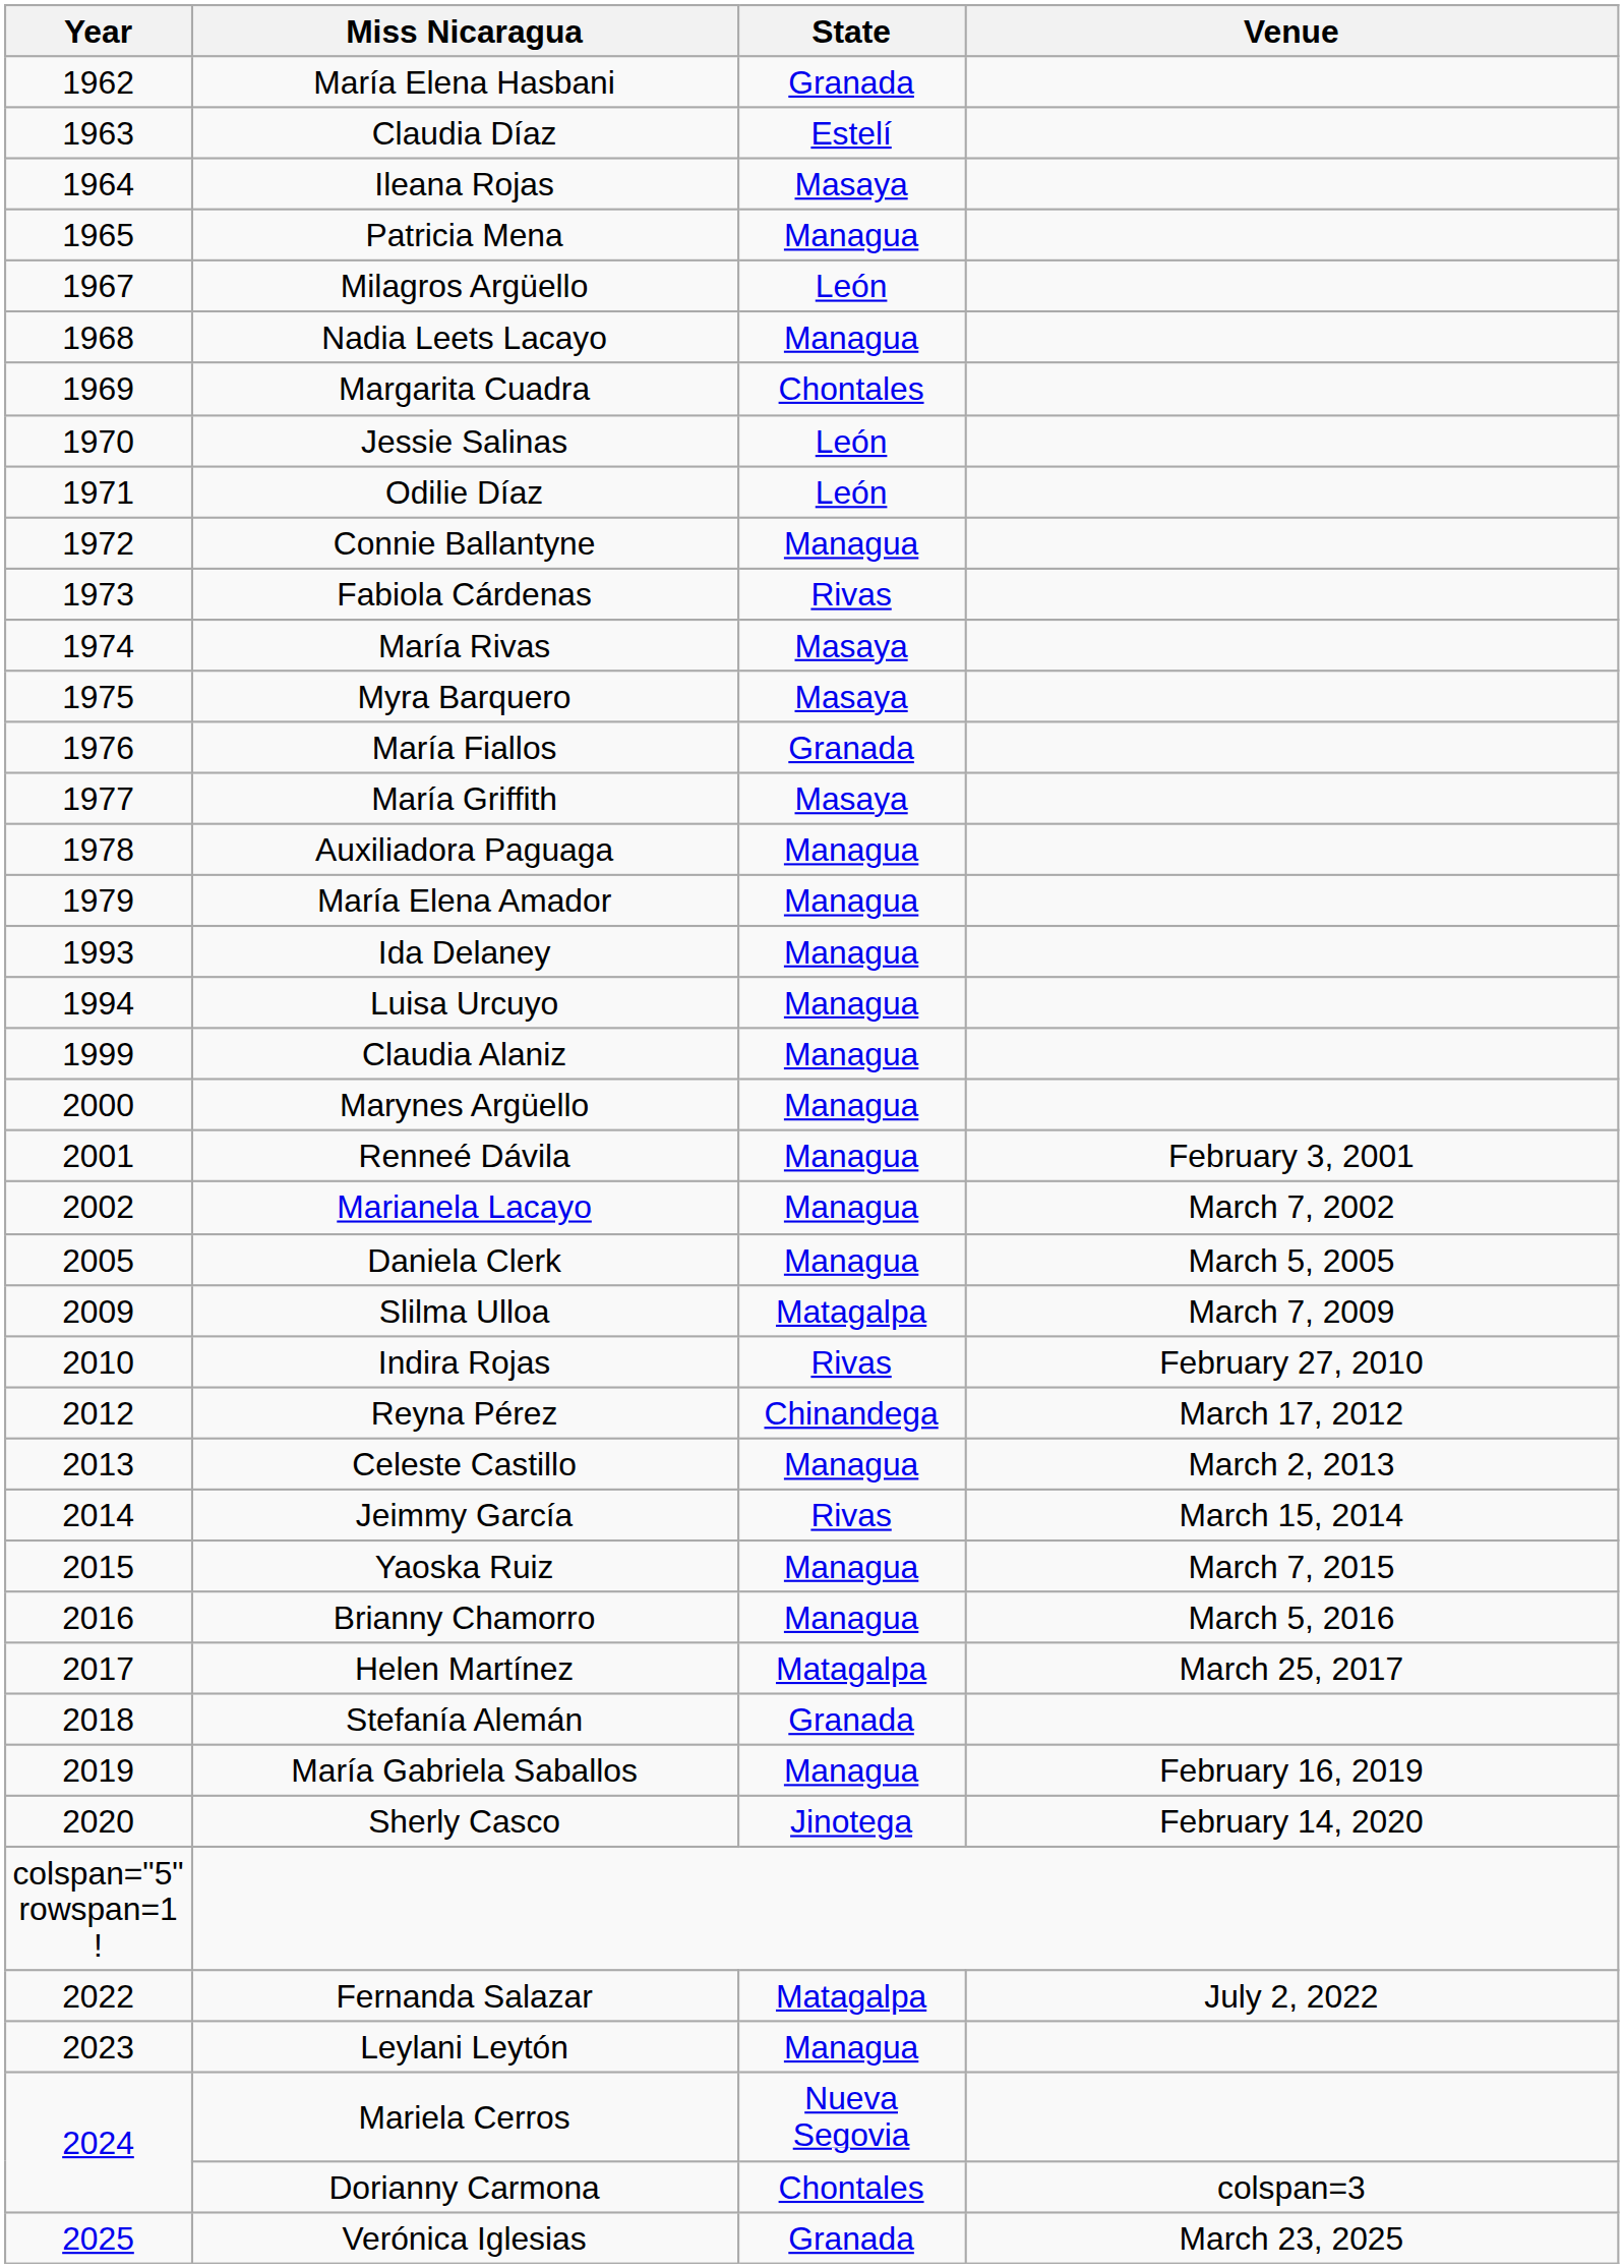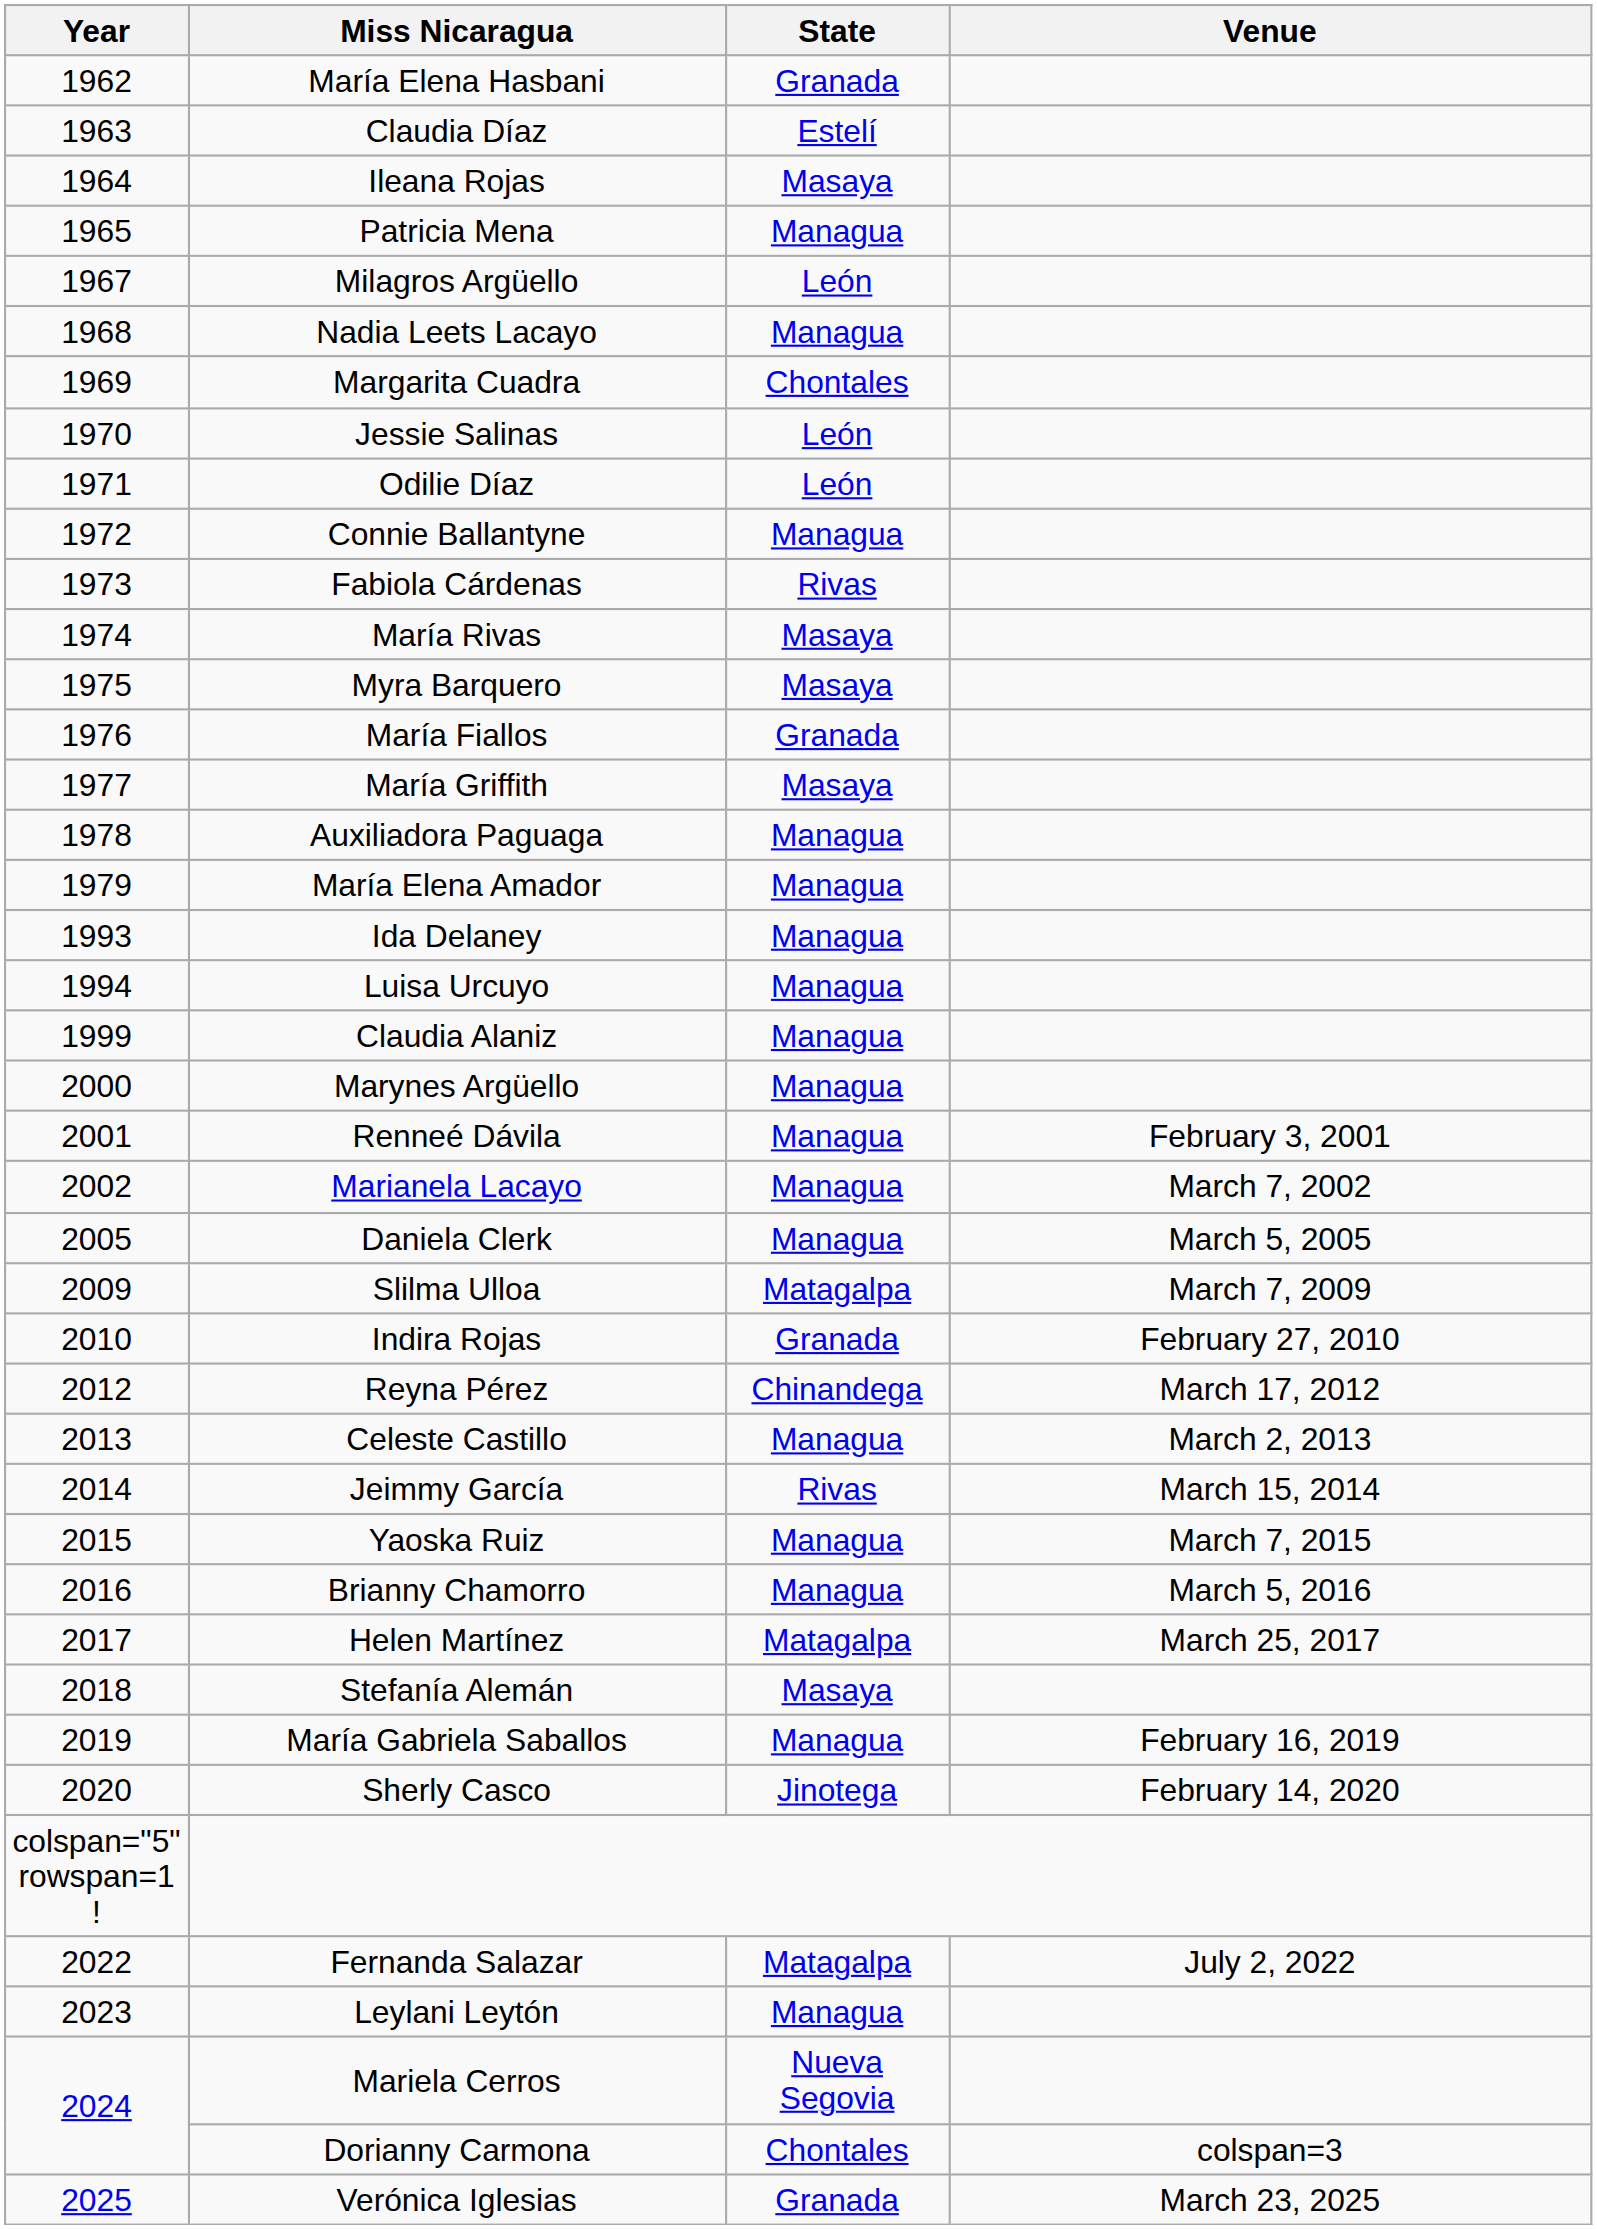 <table class="wikitable sortable" style="font-size: 95%; text-align:center">
 <tr>
 <th width="60">Year</th>
 <th width="250">Miss Nicaragua</th>
 <th width="100">State</th>
 <th width="300">Venue</th>
 </tr>
 <tr>
 <td>1962</td>
 <td>María Elena Hasbani</td>
 <td><a href='#'>Granada</a></td>
 <td></td>
 </tr>
 <tr>
 <td>1963</td>
 <td>Claudia Díaz</td>
 <td><a href='#'>Estelí</a></td>
 <td></td>
 </tr>
 <tr>
 <td>1964</td>
 <td>Ileana Rojas</td>
 <td><a href='#'>Masaya</a></td>
 <td></td>
 </tr>
 <tr>
 <td>1965</td>
 <td>Patricia Mena</td>
 <td><a href='#'>Managua</a></td>
 <td></td>
 </tr>
 <tr>
 <td>1967</td>
 <td>Milagros Argüello</td>
 <td><a href='#'>León</a></td>
 <td></td>
 </tr>
 <tr>
 <td>1968</td>
 <td>Nadia Leets Lacayo</td>
 <td><a href='#'>Managua</a></td>
 <td></td>
 </tr>
 <tr>
 <td>1969</td>
 <td>Margarita Cuadra</td>
 <td><a href='#'>Chontales</a></td>
 <td></td>
 </tr>
 <tr>
 <td>1970</td>
 <td>Jessie Salinas</td>
 <td><a href='#'>León</a></td>
 <td></td>
 </tr>
 <tr>
 <td>1971</td>
 <td>Odilie Díaz</td>
 <td><a href='#'>León</a></td>
 <td></td>
 </tr>
 <tr>
 <td>1972</td>
 <td>Connie Ballantyne</td>
 <td><a href='#'>Managua</a></td>
 <td></td>
 </tr>
 <tr>
 <td>1973</td>
 <td>Fabiola Cárdenas</td>
 <td><a href='#'>Rivas</a></td>
 <td></td>
 </tr>
 <tr>
 <td>1974</td>
 <td>María Rivas</td>
 <td><a href='#'>Masaya</a></td>
 <td></td>
 </tr>
 <tr>
 <td>1975</td>
 <td>Myra Barquero</td>
 <td><a href='#'>Masaya</a></td>
 <td></td>
 </tr>
 <tr>
 <td>1976</td>
 <td>María Fiallos</td>
 <td><a href='#'>Granada</a></td>
 <td></td>
 </tr>
 <tr>
 <td>1977</td>
 <td>María Griffith</td>
 <td><a href='#'>Masaya</a></td>
 <td></td>
 </tr>
 <tr>
 <td>1978</td>
 <td>Auxiliadora Paguaga</td>
 <td><a href='#'>Managua</a></td>
 <td></td>
 </tr>
 <tr>
 <td>1979</td>
 <td>María Elena Amador</td>
 <td><a href='#'>Managua</a></td>
 <td></td>
 </tr>
 <tr>
 <td>1993</td>
 <td>Ida Delaney</td>
 <td><a href='#'>Managua</a></td>
 <td></td>
 </tr>
 <tr>
 <td>1994</td>
 <td>Luisa Urcuyo</td>
 <td><a href='#'>Managua</a></td>
 <td></td>
 </tr>
 <tr>
 <td>1999</td>
 <td>Claudia Alaniz</td>
 <td><a href='#'>Managua</a></td>
 <td></td>
 </tr>
 <tr>
 <td>2000</td>
 <td>Marynes Argüello</td>
 <td><a href='#'>Managua</a></td>
 <td></td>
 </tr>
 <tr>
 <td>2001</td>
 <td>Renneé Dávila</td>
 <td><a href='#'>Managua</a></td>
 <td>February 3, 2001</td>
 </tr>
 <tr>
 <td>2002</td>
 <td><a href='#'>Marianela Lacayo</a></td>
 <td><a href='#'>Managua</a></td>
 <td>March 7, 2002</td>
 </tr>
 <tr>
 <td>2005</td>
 <td>Daniela Clerk</td>
 <td><a href='#'>Managua</a></td>
 <td>March 5, 2005</td>
 </tr>
 <tr>
 <td>2009</td>
 <td>Slilma Ulloa</td>
 <td><a href='#'>Matagalpa</a></td>
 <td>March 7, 2009</td>
 </tr>
 <tr>
 <td>2010</td>
 <td>Indira Rojas</td>
-<td><a href='#'>Rivas</a></td>
+<td><a href='#'>Granada</a></td>
 <td>February 27, 2010</td>
 </tr>
 <tr>
 <td>2012</td>
 <td>Reyna Pérez</td>
 <td><a href='#'>Chinandega</a></td>
 <td>March 17, 2012</td>
 </tr>
 <tr>
 <td>2013</td>
 <td>Celeste Castillo</td>
 <td><a href='#'>Managua</a></td>
 <td>March 2, 2013</td>
 </tr>
 <tr>
 <td>2014</td>
 <td>Jeimmy García</td>
 <td><a href='#'>Rivas</a></td>
 <td>March 15, 2014</td>
 </tr>
 <tr>
 <td>2015</td>
 <td>Yaoska Ruiz</td>
 <td><a href='#'>Managua</a></td>
 <td>March 7, 2015</td>
 </tr>
 <tr>
 <td>2016</td>
 <td>Brianny Chamorro</td>
 <td><a href='#'>Managua</a></td>
 <td>March 5, 2016</td>
 </tr>
 <tr>
 <td>2017</td>
 <td>Helen Martínez</td>
 <td><a href='#'>Matagalpa</a></td>
 <td>March 25, 2017</td>
 </tr>
 <tr>
 <td>2018</td>
 <td>Stefanía Alemán</td>
-<td><a href='#'>Granada</a></td>
+<td><a href='#'>Masaya</a></td>
 <td></td>
 </tr>
 <tr>
 <td>2019</td>
 <td>María Gabriela Saballos</td>
 <td><a href='#'>Managua</a></td>
 <td>February 16, 2019</td>
 </tr>
 <tr>
 <td>2020</td>
 <td>Sherly Casco</td>
 <td><a href='#'>Jinotega</a></td>
 <td>February 14, 2020</td>
 </tr>
 <tr>
 <td>colspan="5" rowspan=1 !</td>
 </tr>
 <tr>
 <td>2022</td>
 <td>Fernanda Salazar</td>
 <td><a href='#'>Matagalpa</a></td>
 <td>July 2, 2022</td>
 </tr>
 <tr>
 <td>2023</td>
 <td>Leylani Leytón</td>
 <td><a href='#'>Managua</a></td>
 <td></td>
 </tr>
 <tr>
 <td rowspan=2><a href='#'>2024</a></td>
 <td>Mariela Cerros</td>
 <td><a href='#'>Nueva Segovia</a></td>
 <td></td>
 </tr>
 <tr>
 <td>Dorianny Carmona</td>
 <td><a href='#'>Chontales</a></td>
 <td>colspan=3 </td>
 </tr>
 <tr>
 <td><a href='#'>2025</a></td>
 <td>Verónica Iglesias</td>
 <td><a href='#'>Granada</a></td>
 <td>March 23, 2025</td>
 </tr>
 </table>
